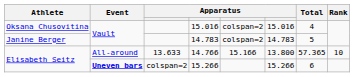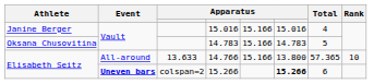 <table class="wikitable" style="font-size:90%">
 <tr>
 <th rowspan=2>Athlete</th>
 <th rowspan=2>Event</th>
 <th colspan=4>Apparatus</th>
 <th rowspan=2>Total</th>
 <th rowspan=2>Rank</th>
 </tr>
 <tr style="font-size:95%">
 <th></th>
 <th></th>
 <th></th>
 <th></th>
 </tr>
 <tr align=center>
-<td align=left><a href='#'>Oksana Chusovitina</a></td>
+<td align=left><a href='#'>Janine Berger</a></td>
 <td align=left rowspan=2><a href='#'>Vault</a></td>
 <td></td>
 <td>15.016</td>
-<td>colspan=2 </td>
+<td>15.166</td>
 <td>15.016</td>
 <td>4</td>
 </tr>
 <tr align=center>
-<td align=left><a href='#'>Janine Berger</a></td>
+<td align=left><a href='#'>Oksana Chusovitina</a></td>
 <td></td>
 <td>14.783</td>
-<td>colspan=2 </td>
+<td>15.166</td>
 <td>14.783</td>
 <td>5</td>
 </tr>
 <tr align=center>
 <td align=left rowspan=2><a href='#'>Elisabeth Seitz</a></td>
 <td align=left><a href='#'>All-around</a></td>
 <td>13.633</td>
 <td>14.766</td>
 <td>15.166</td>
 <td>13.800</td>
 <td>57.365</td>
 <td>10</td>
 </tr>
 <tr align=center>
 <td align=left><strong><a href='#'>Uneven bars</a></strong></td>
 <td>colspan=2 </td>
 <td>15.266</td>
 <td></td>
-<td>15.266</td>
+<td><strong>15.266</strong></td>
 <td>6</td>
 </tr>
 </table>
